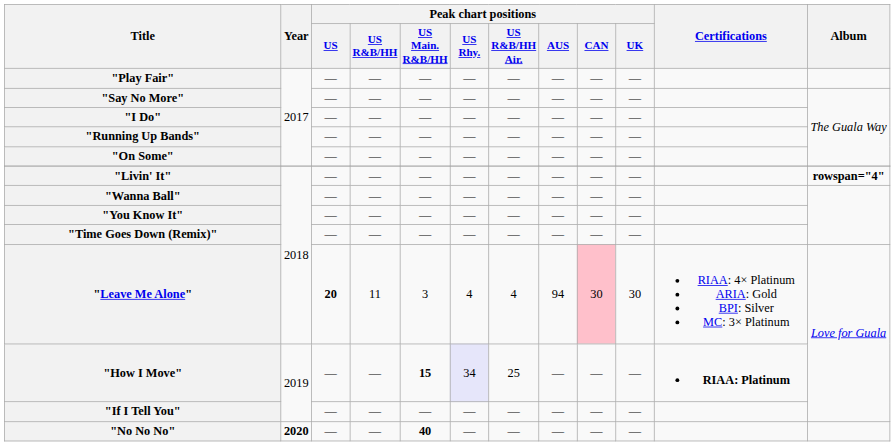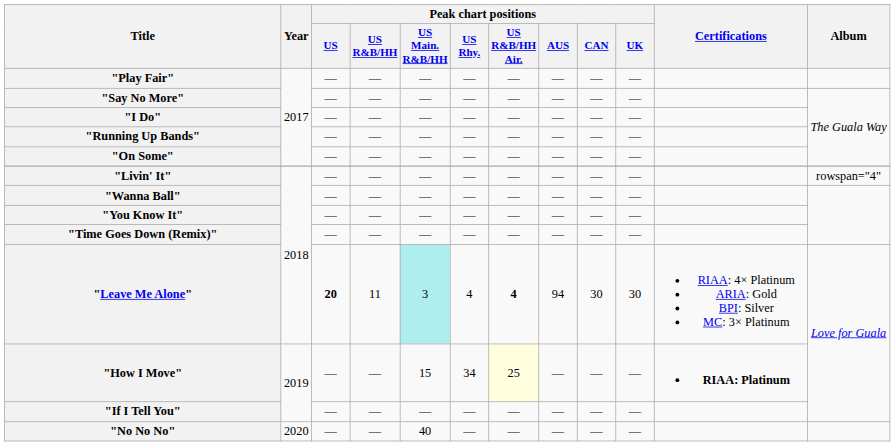 <table class="wikitable plainrowheaders" style="text-align:center;">
 <tr>
 <th rowspan="2" scope="col" style="width:22em;">Title</th>
 <th rowspan="2" scope="col" style="width:1em;">Year</th>
 <th colspan="8" scope="col">Peak chart positions</th>
 <th rowspan="2" scope="col" style="width:12em;"><a href='#'>Certifications</a></th>
 <th rowspan="2" scope="col">Album</th>
 </tr>
 <tr>
 <th scope="col" style="width:3em;font-size:90%;"><a href='#'>US</a></th>
 <th scope="col" style="width:3em;font-size:90%;"><a href='#'>US<br>R&B/HH</a></th>
 <th scope="col" style="width:3em;font-size:90%;"><a href='#'>US<br>Main.<br>R&B/HH</a></th>
 <th scope="col" style="width:3em;font-size:90%;"><a href='#'>US<br>Rhy.</a></th>
 <th scope="col" style="width:3em;font-size:90%;"><a href='#'>US<br>R&B/HH<br>Air.</a></th>
 <th scope="col" style="width:3em;font-size:90%;"><a href='#'>AUS</a><br></th>
 <th scope="col" style="width:3em;font-size:90%;"><a href='#'>CAN</a></th>
 <th scope="col" style="width:3em;font-size:90%;"><a href='#'>UK</a><br></th>
 </tr>
 <tr>
 <th scope="row">"Play Fair"</th>
 <td rowspan="5">2017</td>
 <td>—</td>
 <td>—</td>
 <td>—</td>
 <td>—</td>
 <td>—</td>
 <td>—</td>
 <td>—</td>
 <td>—</td>
 <td></td>
 <td></td>
 </tr>
 <tr>
 <th scope="row">"Say No More"</th>
 <td>—</td>
 <td>—</td>
 <td>—</td>
 <td>—</td>
 <td>—</td>
 <td>—</td>
 <td>—</td>
 <td>—</td>
 <td></td>
 <td rowspan="4"><em>The Guala Way</em></td>
 </tr>
 <tr>
 <th scope="row">"I Do"</th>
 <td>—</td>
 <td>—</td>
 <td>—</td>
 <td>—</td>
 <td>—</td>
 <td>—</td>
 <td>—</td>
 <td>—</td>
 <td></td>
 </tr>
 <tr>
 <th scope="row">"Running Up Bands"</th>
 <td>—</td>
 <td>—</td>
 <td>—</td>
 <td>—</td>
 <td>—</td>
 <td>—</td>
 <td>—</td>
 <td>—</td>
 <td></td>
 </tr>
 <tr>
 <th scope="row">"On Some"</th>
 <td>—</td>
 <td>—</td>
 <td>—</td>
 <td>—</td>
 <td>—</td>
 <td>—</td>
 <td>—</td>
 <td>—</td>
 <td></td>
 </tr>
 <tr>
 </tr>
 <tr>
 <th scope="row">"Livin' It"</th>
 <td rowspan="5">2018</td>
 <td>—</td>
 <td>—</td>
 <td>—</td>
 <td>—</td>
 <td>—</td>
 <td>—</td>
 <td>—</td>
 <td>—</td>
 <td></td>
-<td><strong>rowspan="4" </strong></td>
+<td>rowspan="4" </td>
 </tr>
 <tr>
 <th scope="row">"Wanna Ball"<br></th>
 <td>—</td>
 <td>—</td>
 <td>—</td>
 <td>—</td>
 <td>—</td>
 <td>—</td>
 <td>—</td>
 <td>—</td>
 <td></td>
 </tr>
 <tr>
 <th scope="row">"You Know It"</th>
 <td>—</td>
 <td>—</td>
 <td>—</td>
 <td>—</td>
 <td>—</td>
 <td>—</td>
 <td>—</td>
 <td>—</td>
 <td></td>
 </tr>
 <tr>
 <th scope="row">"Time Goes Down (Remix)"<br></th>
 <td>—</td>
 <td>—</td>
 <td>—</td>
 <td>—</td>
 <td>—</td>
 <td>—</td>
 <td>—</td>
 <td>—</td>
 <td></td>
 </tr>
 <tr>
 <th scope="row">"<a href='#'>Leave Me Alone</a>"</th>
 <td><strong>20</strong></td>
 <td>11<br></td>
-<td>3</td>
+<td style="background: paleturquoise;">3</td>
 <td>4</td>
-<td>4</td>
+<td><strong>4</strong></td>
 <td>94</td>
-<td style="background: pink;">30<br></td>
+<td>30<br></td>
 <td>30</td>
 <td><br><ul><li><a href='#'>RIAA</a>: 4× Platinum</li><li><a href='#'>ARIA</a>: Gold</li><li><a href='#'>BPI</a>: Silver</li><li><a href='#'>MC</a>: 3× Platinum</li></ul></td>
 <td rowspan="3"><em><a href='#'>Love for Guala</a></em></td>
 </tr>
 <tr>
 <th scope="row">"How I Move"<br></th>
 <td rowspan="2">2019</td>
 <td>—</td>
 <td>—</td>
-<td><strong>15</strong></td>
-<td style="background: lavender;">34</td>
-<td>25</td>
+<td>15</td>
+<td>34</td>
+<td style="background: lightyellow;">25</td>
 <td>—</td>
 <td>—</td>
 <td>—</td>
 <td><strong><br><ul><li>RIAA: Platinum</li></ul></strong></td>
 </tr>
 <tr>
 <th scope="row">"If I Tell You"</th>
 <td>—</td>
 <td>—</td>
 <td>—</td>
 <td>—</td>
 <td>—</td>
 <td>—</td>
 <td>—</td>
 <td>—</td>
 <td></td>
 </tr>
 <tr>
 <th scope="row">"No No No"<br></th>
-<td><strong>2020</strong></td>
+<td>2020</td>
 <td>—</td>
 <td>—</td>
-<td><strong>40</strong></td>
+<td>40</td>
 <td>—</td>
 <td>—</td>
 <td>—</td>
 <td>—</td>
 <td>—</td>
 <td></td>
 <td></td>
 </tr>
 </table>
